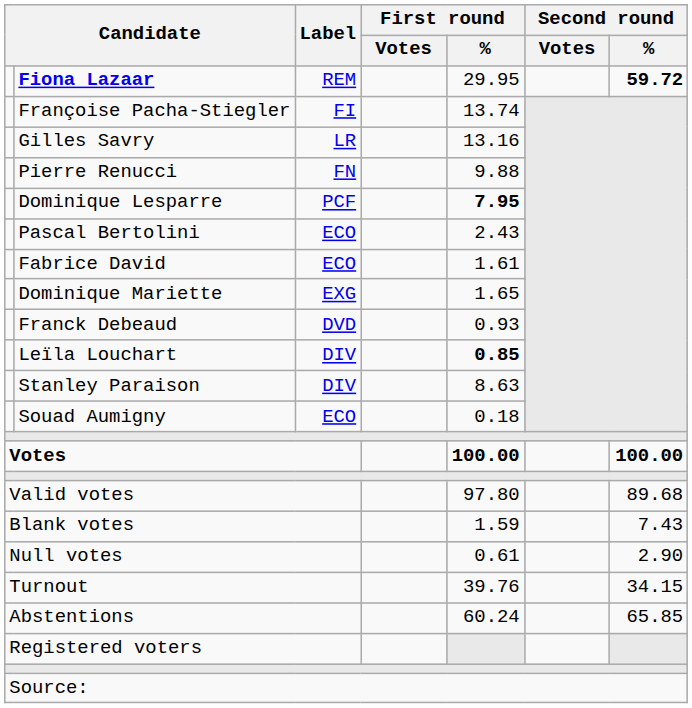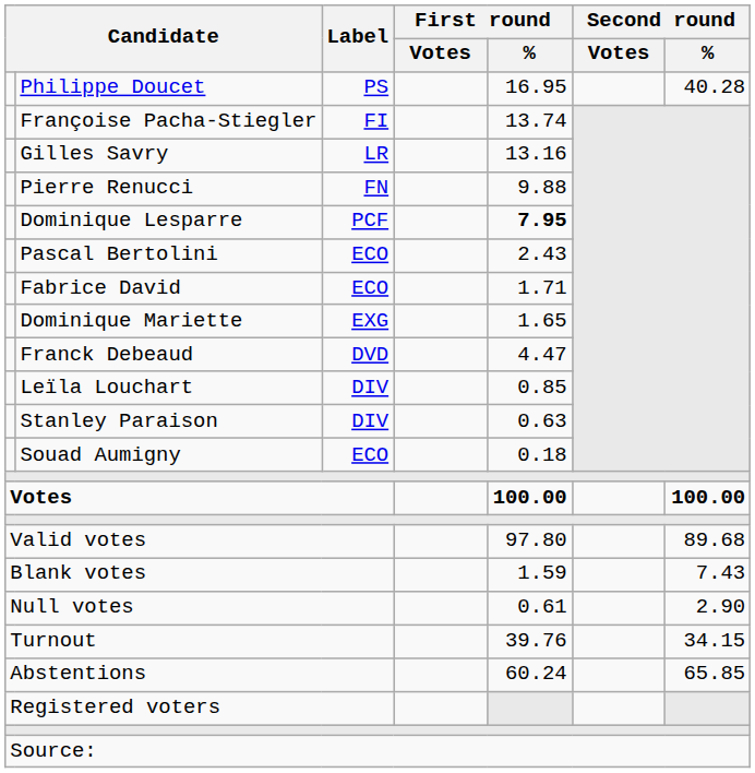 <table class="wikitable" style="text-align:right;font-size:95%;">
 <tr>
 <th rowspan="2" colspan="2">Candidate</th>
 <th rowspan="2">Label</th>
 <th colspan="2">First round</th>
 <th colspan="2">Second round</th>
 </tr>
 <tr>
 <th style="width:50px;">Votes</th>
 <th style="width:45px;">%</th>
 <th style="width:50px;">Votes</th>
 <th style="width:45px;">%</th>
 </tr>
 <tr>
 <td style="color:inherit;background:"></td>
-<td style="text-align:left;"><strong><a href='#'>Fiona Lazaar</a></strong></td>
-<td><a href='#'>REM</a></td>
+<td style="text-align:left;"><a href='#'>Philippe Doucet</a></td>
+<td><a href='#'>PS</a></td>
 <td></td>
-<td>29.95</td>
-<td><strong></strong></td>
-<td><strong>59.72</strong></td>
+<td>16.95</td>
+<td></td>
+<td>40.28</td>
 </tr>
 <tr>
 <td style="color:inherit;background:"></td>
 <td style="text-align:left;">Françoise Pacha-Stiegler</td>
 <td><a href='#'>FI</a></td>
 <td></td>
 <td>13.74</td>
 <td colspan="2" rowspan="11" style="background:#E9E9E9;"></td>
 </tr>
 <tr>
 <td style="color:inherit;background:"></td>
 <td style="text-align:left;">Gilles Savry</td>
 <td><a href='#'>LR</a></td>
 <td></td>
 <td>13.16</td>
 </tr>
 <tr>
 <td style="color:inherit;background:"></td>
 <td style="text-align:left;">Pierre Renucci</td>
 <td><a href='#'>FN</a></td>
 <td></td>
 <td>9.88</td>
 </tr>
 <tr>
 <td style="color:inherit;background:"></td>
 <td style="text-align:left;">Dominique Lesparre</td>
 <td><a href='#'>PCF</a></td>
 <td></td>
 <td><strong>7.95</strong></td>
 </tr>
 <tr>
 <td style="color:inherit;background:"></td>
 <td style="text-align:left;">Pascal Bertolini</td>
 <td><a href='#'>ECO</a></td>
 <td></td>
 <td>2.43</td>
 </tr>
 <tr>
 <td style="color:inherit;background:"></td>
 <td style="text-align:left;">Fabrice David</td>
 <td><a href='#'>ECO</a></td>
 <td></td>
-<td>1.61</td>
+<td>1.71</td>
 </tr>
 <tr>
 <td style="color:inherit;background:"></td>
 <td style="text-align:left;">Dominique Mariette</td>
 <td><a href='#'>EXG</a></td>
 <td></td>
 <td>1.65</td>
 </tr>
 <tr>
 <td style="color:inherit;background:"></td>
 <td style="text-align:left;">Franck Debeaud</td>
 <td><a href='#'>DVD</a></td>
 <td></td>
-<td>0.93</td>
+<td>4.47</td>
 </tr>
 <tr>
 <td style="color:inherit;background:"></td>
 <td style="text-align:left;">Leïla Louchart</td>
 <td><a href='#'>DIV</a></td>
 <td></td>
-<td><strong>0.85</strong></td>
+<td>0.85</td>
 </tr>
 <tr>
 <td style="color:inherit;background:"></td>
 <td style="text-align:left;">Stanley Paraison</td>
 <td><a href='#'>DIV</a></td>
 <td></td>
-<td>8.63</td>
+<td>0.63</td>
 </tr>
 <tr>
 <td style="color:inherit;background:"></td>
 <td style="text-align:left;">Souad Aumigny</td>
 <td><a href='#'>ECO</a></td>
 <td></td>
 <td>0.18</td>
 </tr>
 <tr>
 <td colspan="7" style="background:#E9E9E9;"></td>
 </tr>
 <tr style="font-weight:bold;">
 <td colspan="3" style="text-align:left;">Votes</td>
 <td></td>
 <td>100.00</td>
 <td></td>
 <td>100.00</td>
 </tr>
 <tr>
 <td colspan="7" style="background:#E9E9E9;"></td>
 </tr>
 <tr>
 <td colspan="3" style="text-align:left;">Valid votes</td>
 <td></td>
 <td>97.80</td>
 <td></td>
 <td>89.68</td>
 </tr>
 <tr>
 <td colspan="3" style="text-align:left;">Blank votes</td>
 <td></td>
 <td>1.59</td>
 <td></td>
 <td>7.43</td>
 </tr>
 <tr>
 <td colspan="3" style="text-align:left;">Null votes</td>
 <td></td>
 <td>0.61</td>
 <td></td>
 <td>2.90</td>
 </tr>
 <tr>
 <td colspan="3" style="text-align:left;">Turnout</td>
 <td></td>
 <td>39.76</td>
 <td></td>
 <td>34.15</td>
 </tr>
 <tr>
 <td colspan="3" style="text-align:left;">Abstentions</td>
 <td></td>
 <td>60.24</td>
 <td></td>
 <td>65.85</td>
 </tr>
 <tr>
 <td colspan="3" style="text-align:left;">Registered voters</td>
 <td></td>
 <td style="color:inherit;background:#E9E9E9;"></td>
 <td></td>
 <td style="color:inherit;background:#E9E9E9;"></td>
 </tr>
 <tr>
 <td colspan="7" style="background:#E9E9E9;"></td>
 </tr>
 <tr>
 <td colspan="7" style="text-align:left;">Source: </td>
 </tr>
 </table>
